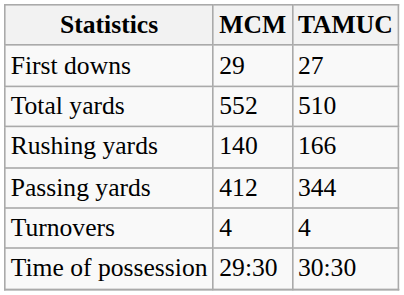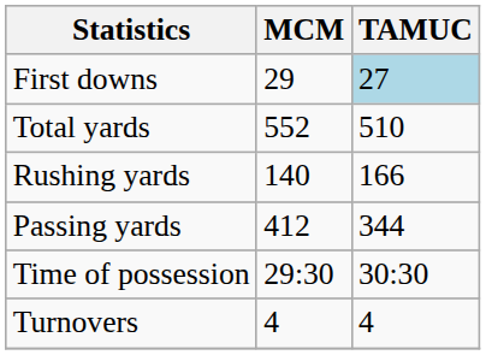 <table class="wikitable">
 <tr>
 <th>Statistics</th>
 <th>MCM</th>
 <th>TAMUC</th>
 </tr>
 <tr>
 <td>First downs</td>
 <td>29</td>
-<td>27</td>
+<td style="background: lightblue;">27</td>
 </tr>
 <tr>
 <td>Total yards</td>
 <td>552</td>
 <td>510</td>
 </tr>
 <tr>
 <td>Rushing yards</td>
 <td>140</td>
 <td>166</td>
 </tr>
 <tr>
 <td>Passing yards</td>
 <td>412</td>
 <td>344</td>
 </tr>
 <tr>
+<td>Time of possession</td>
+<td>29:30</td>
+<td>30:30</td>
+</tr>
+<tr>
 <td>Turnovers</td>
 <td>4</td>
 <td>4</td>
 </tr>
 <tr>
-<td>Time of possession</td>
-<td>29:30</td>
-<td>30:30</td>
-</tr>
-<tr>
 </tr>
 </table>
